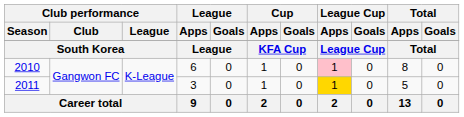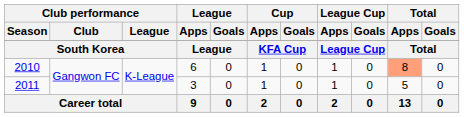 <table class="wikitable" style="text-align:center">
 <tr>
 <th colspan=3>Club performance</th>
 <th colspan=2>League</th>
 <th colspan=2>Cup</th>
 <th colspan=2>League Cup</th>
 <th colspan=2>Total</th>
 </tr>
 <tr>
 <th>Season</th>
 <th>Club</th>
 <th>League</th>
 <th>Apps</th>
 <th>Goals</th>
 <th>Apps</th>
 <th>Goals</th>
 <th>Apps</th>
 <th>Goals</th>
 <th>Apps</th>
 <th>Goals</th>
 </tr>
 <tr>
 </tr>
 <tr>
 <th colspan=3>South Korea</th>
 <th colspan=2>League</th>
 <th colspan=2><a href='#'>KFA Cup</a></th>
 <th colspan=2><a href='#'>League Cup</a></th>
 <th colspan=2>Total</th>
 </tr>
 <tr>
 <td><a href='#'>2010</a></td>
 <td rowspan=2><a href='#'>Gangwon FC</a></td>
 <td rowspan="2"><a href='#'>K-League</a></td>
 <td>6</td>
 <td>0</td>
 <td>1</td>
 <td>0</td>
-<td style="background: pink;">1</td>
+<td>1</td>
 <td>0</td>
-<td>8</td>
+<td style="background: lightsalmon;">8</td>
 <td>0</td>
 </tr>
 <tr>
 <td><a href='#'>2011</a></td>
 <td>3</td>
 <td>0</td>
 <td>1</td>
 <td>0</td>
-<td style="background: gold;">1</td>
+<td>1</td>
 <td>0</td>
 <td>5</td>
 <td>0</td>
 </tr>
 <tr>
 <th colspan=3>Career total</th>
 <th>9</th>
 <th>0</th>
 <th>2</th>
 <th>0</th>
 <th>2</th>
 <th>0</th>
 <th>13</th>
 <th>0</th>
 </tr>
 </table>
